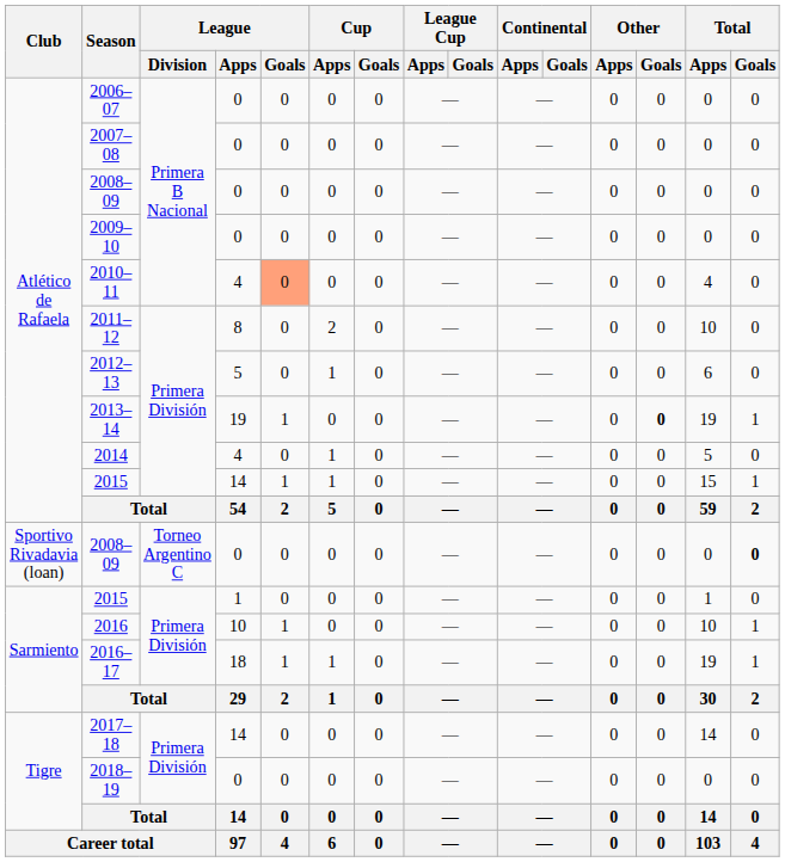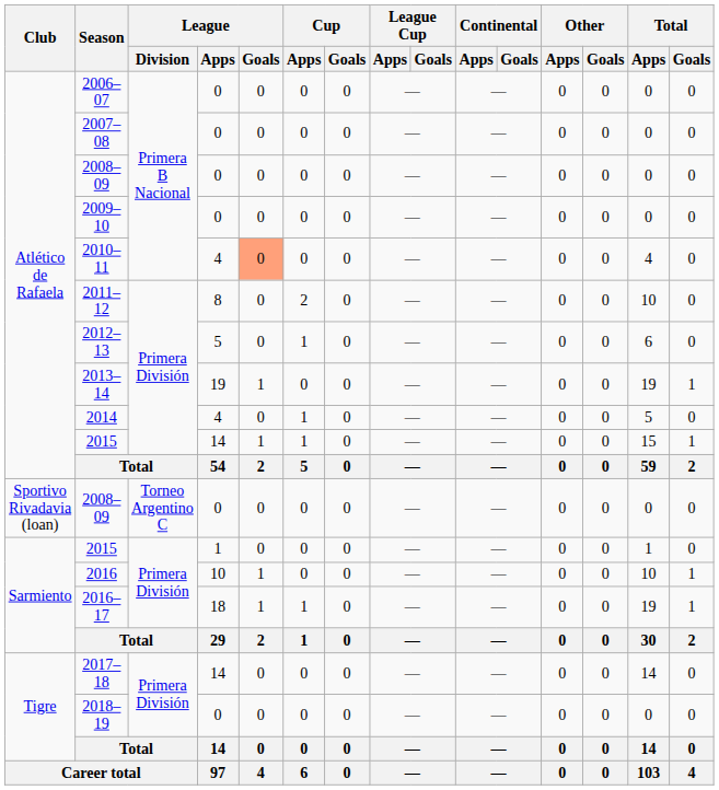 <table class="wikitable" style="text-align:center">
 <tr>
 <th rowspan="2">Club</th>
 <th rowspan="2">Season</th>
 <th colspan="3">League</th>
 <th colspan="2">Cup</th>
 <th colspan="2">League Cup</th>
 <th colspan="2">Continental</th>
 <th colspan="2">Other</th>
 <th colspan="2">Total</th>
 </tr>
 <tr>
 <th>Division</th>
 <th>Apps</th>
 <th>Goals</th>
 <th>Apps</th>
 <th>Goals</th>
 <th>Apps</th>
 <th>Goals</th>
 <th>Apps</th>
 <th>Goals</th>
 <th>Apps</th>
 <th>Goals</th>
 <th>Apps</th>
 <th>Goals</th>
 </tr>
 <tr>
 <td rowspan="11"><a href='#'>Atlético de Rafaela</a></td>
 <td><a href='#'>2006–07</a></td>
 <td rowspan="5"><a href='#'>Primera B Nacional</a></td>
 <td>0</td>
 <td>0</td>
 <td>0</td>
 <td>0</td>
 <td colspan="2">—</td>
 <td colspan="2">—</td>
 <td>0</td>
 <td>0</td>
 <td>0</td>
 <td>0</td>
 </tr>
 <tr>
 <td><a href='#'>2007–08</a></td>
 <td>0</td>
 <td>0</td>
 <td>0</td>
 <td>0</td>
 <td colspan="2">—</td>
 <td colspan="2">—</td>
 <td>0</td>
 <td>0</td>
 <td>0</td>
 <td>0</td>
 </tr>
 <tr>
 <td><a href='#'>2008–09</a></td>
 <td>0</td>
 <td>0</td>
 <td>0</td>
 <td>0</td>
 <td colspan="2">—</td>
 <td colspan="2">—</td>
 <td>0</td>
 <td>0</td>
 <td>0</td>
 <td>0</td>
 </tr>
 <tr>
 <td><a href='#'>2009–10</a></td>
 <td>0</td>
 <td>0</td>
 <td>0</td>
 <td>0</td>
 <td colspan="2">—</td>
 <td colspan="2">—</td>
 <td>0</td>
 <td>0</td>
 <td>0</td>
 <td>0</td>
 </tr>
 <tr>
 <td><a href='#'>2010–11</a></td>
 <td>4</td>
 <td style="background: lightsalmon;">0</td>
 <td>0</td>
 <td>0</td>
 <td colspan="2">—</td>
 <td colspan="2">—</td>
 <td>0</td>
 <td>0</td>
 <td>4</td>
 <td>0</td>
 </tr>
 <tr>
 <td><a href='#'>2011–12</a></td>
 <td rowspan="5"><a href='#'>Primera División</a></td>
 <td>8</td>
 <td>0</td>
 <td>2</td>
 <td>0</td>
 <td colspan="2">—</td>
 <td colspan="2">—</td>
 <td>0</td>
 <td>0</td>
 <td>10</td>
 <td>0</td>
 </tr>
 <tr>
 <td><a href='#'>2012–13</a></td>
 <td>5</td>
 <td>0</td>
 <td>1</td>
 <td>0</td>
 <td colspan="2">—</td>
 <td colspan="2">—</td>
 <td>0</td>
 <td>0</td>
 <td>6</td>
 <td>0</td>
 </tr>
 <tr>
 <td><a href='#'>2013–14</a></td>
 <td>19</td>
 <td>1</td>
 <td>0</td>
 <td>0</td>
 <td colspan="2">—</td>
 <td colspan="2">—</td>
 <td>0</td>
-<td><strong>0</strong></td>
+<td>0</td>
 <td>19</td>
 <td>1</td>
 </tr>
 <tr>
 <td><a href='#'>2014</a></td>
 <td>4</td>
 <td>0</td>
 <td>1</td>
 <td>0</td>
 <td colspan="2">—</td>
 <td colspan="2">—</td>
 <td>0</td>
 <td>0</td>
 <td>5</td>
 <td>0</td>
 </tr>
 <tr>
 <td><a href='#'>2015</a></td>
 <td>14</td>
 <td>1</td>
 <td>1</td>
 <td>0</td>
 <td colspan="2">—</td>
 <td colspan="2">—</td>
 <td>0</td>
 <td>0</td>
 <td>15</td>
 <td>1</td>
 </tr>
 <tr>
 <th colspan="2">Total</th>
 <th>54</th>
 <th>2</th>
 <th>5</th>
 <th>0</th>
 <th colspan="2">—</th>
 <th colspan="2">—</th>
 <th>0</th>
 <th>0</th>
 <th>59</th>
 <th>2</th>
 </tr>
 <tr>
 <td rowspan="1"><a href='#'>Sportivo Rivadavia</a> (loan)</td>
 <td><a href='#'>2008–09</a></td>
 <td rowspan="1"><a href='#'>Torneo Argentino C</a></td>
 <td>0</td>
 <td>0</td>
 <td>0</td>
 <td>0</td>
 <td colspan="2">—</td>
 <td colspan="2">—</td>
 <td>0</td>
 <td>0</td>
 <td>0</td>
-<td><strong>0</strong></td>
+<td>0</td>
 </tr>
 <tr>
 <td rowspan="4"><a href='#'>Sarmiento</a></td>
 <td><a href='#'>2015</a></td>
 <td rowspan="3"><a href='#'>Primera División</a></td>
 <td>1</td>
 <td>0</td>
 <td>0</td>
 <td>0</td>
 <td colspan="2">—</td>
 <td colspan="2">—</td>
 <td>0</td>
 <td>0</td>
 <td>1</td>
 <td>0</td>
 </tr>
 <tr>
 <td><a href='#'>2016</a></td>
 <td>10</td>
 <td>1</td>
 <td>0</td>
 <td>0</td>
 <td colspan="2">—</td>
 <td colspan="2">—</td>
 <td>0</td>
 <td>0</td>
 <td>10</td>
 <td>1</td>
 </tr>
 <tr>
 <td><a href='#'>2016–17</a></td>
 <td>18</td>
 <td>1</td>
 <td>1</td>
 <td>0</td>
 <td colspan="2">—</td>
 <td colspan="2">—</td>
 <td>0</td>
 <td>0</td>
 <td>19</td>
 <td>1</td>
 </tr>
 <tr>
 <th colspan="2">Total</th>
 <th>29</th>
 <th>2</th>
 <th>1</th>
 <th>0</th>
 <th colspan="2">—</th>
 <th colspan="2">—</th>
 <th>0</th>
 <th>0</th>
 <th>30</th>
 <th>2</th>
 </tr>
 <tr>
 <td rowspan="3"><a href='#'>Tigre</a></td>
 <td><a href='#'>2017–18</a></td>
 <td rowspan="2"><a href='#'>Primera División</a></td>
 <td>14</td>
 <td>0</td>
 <td>0</td>
 <td>0</td>
 <td colspan="2">—</td>
 <td colspan="2">—</td>
 <td>0</td>
 <td>0</td>
 <td>14</td>
 <td>0</td>
 </tr>
 <tr>
 <td><a href='#'>2018–19</a></td>
 <td>0</td>
 <td>0</td>
 <td>0</td>
 <td>0</td>
 <td colspan="2">—</td>
 <td colspan="2">—</td>
 <td>0</td>
 <td>0</td>
 <td>0</td>
 <td>0</td>
 </tr>
 <tr>
 <th colspan="2">Total</th>
 <th>14</th>
 <th>0</th>
 <th>0</th>
 <th>0</th>
 <th colspan="2">—</th>
 <th colspan="2">—</th>
 <th>0</th>
 <th>0</th>
 <th>14</th>
 <th>0</th>
 </tr>
 <tr>
 <th colspan="3">Career total</th>
 <th>97</th>
 <th>4</th>
 <th>6</th>
 <th>0</th>
 <th colspan="2">—</th>
 <th colspan="2">—</th>
 <th>0</th>
 <th>0</th>
 <th>103</th>
 <th>4</th>
 </tr>
 </table>
